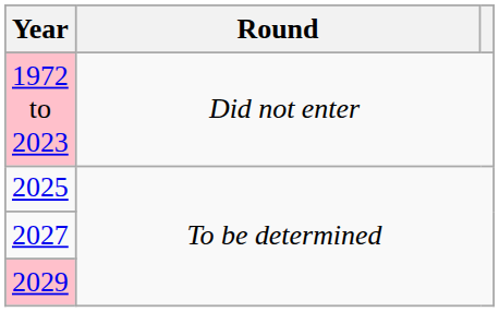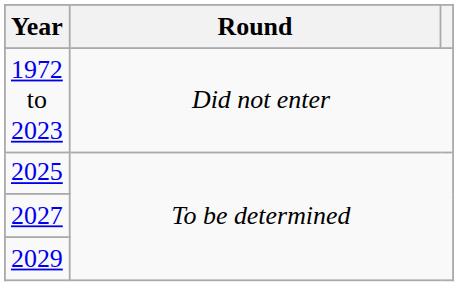 <table class="wikitable" style="text-align: center; font-size:90%">
 <tr>
 <th>Year</th>
 <th style="width:200px">Round</th>
 <th></th>
 </tr>
 <tr>
-<td style="background: pink;"><a href='#'>1972</a><br>to<br><a href='#'>2023</a></td>
+<td><a href='#'>1972</a><br>to<br><a href='#'>2023</a></td>
 <td colspan="2"><em>Did not enter</em></td>
 </tr>
 <tr>
 <td><a href='#'>2025</a></td>
 <td colspan="2" rowspan="3"><em>To be determined</em></td>
 </tr>
 <tr>
 <td><a href='#'>2027</a></td>
 </tr>
 <tr>
-<td style="background: pink;"><a href='#'>2029</a></td>
+<td><a href='#'>2029</a></td>
 </tr>
 </table>
